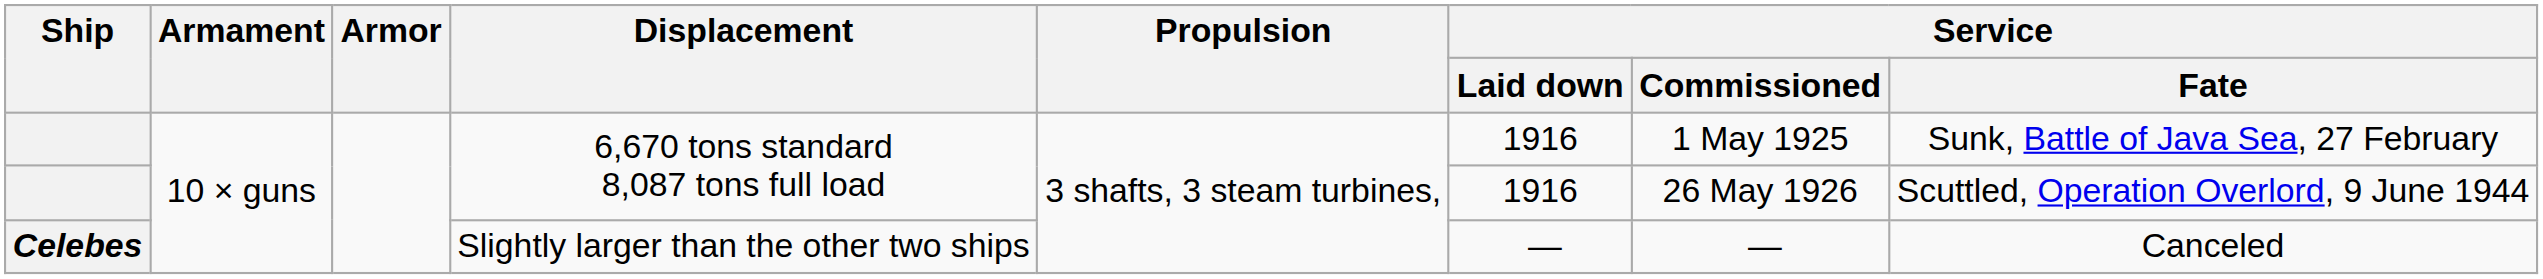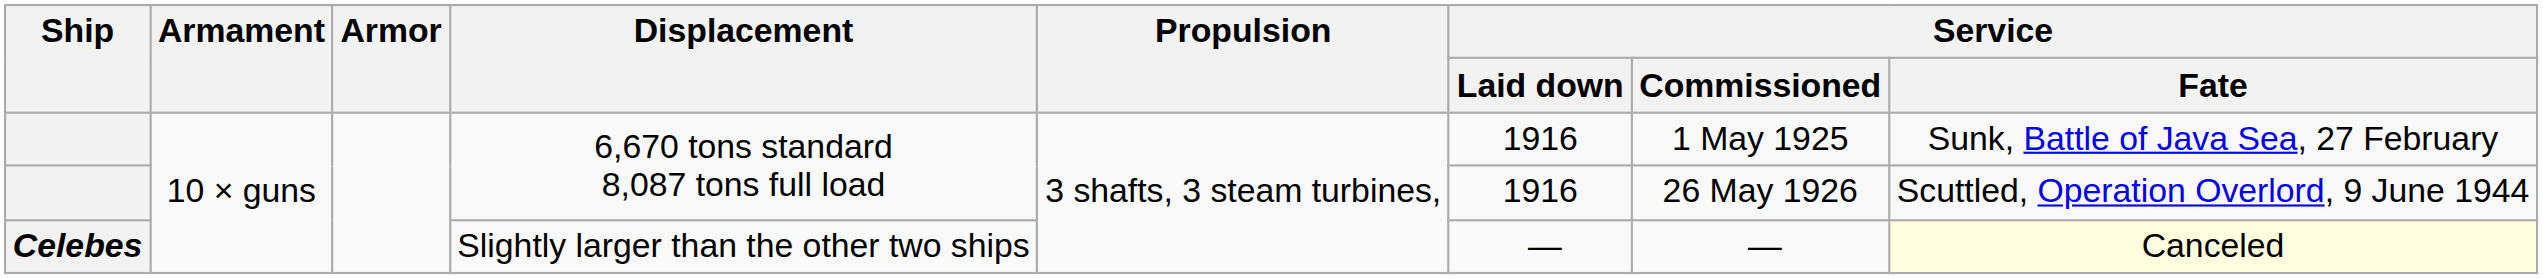 <table class="wikitable plainrowheaders" style="text-align: center;">
 <tr valign="top">
 <th scope="col" rowspan="2">Ship</th>
 <th scope="col" rowspan="2">Armament</th>
 <th scope="col" rowspan="2">Armor</th>
 <th scope="col" rowspan="2">Displacement</th>
 <th scope="col" rowspan="2">Propulsion</th>
 <th scope="col" colspan="3">Service</th>
 </tr>
 <tr valign="top">
 <th scope="col">Laid down</th>
 <th scope="col">Commissioned</th>
 <th scope="col">Fate</th>
 </tr>
 <tr valign="center">
 <th scope="row"></th>
 <td rowspan="3">10 ×  guns</td>
 <td rowspan="3"></td>
 <td rowspan="2">6,670 tons standard <br> 8,087 tons full load</td>
 <td rowspan="3">3 shafts, 3 steam turbines, </td>
 <td>1916</td>
 <td>1 May 1925</td>
 <td>Sunk, <a href='#'>Battle of Java Sea</a>, 27 February</td>
 </tr>
 <tr valign="center">
 <th scope="row"></th>
 <td>1916</td>
 <td>26 May 1926</td>
 <td>Scuttled, <a href='#'>Operation Overlord</a>, 9 June 1944</td>
 </tr>
 <tr valign="center">
 <th scope="row"><em>Celebes</em></th>
 <td>Slightly larger than the other two ships</td>
 <td> —</td>
 <td> —</td>
-<td>Canceled</td>
+<td style="background: lightyellow;">Canceled</td>
 </tr>
 </table>
